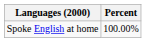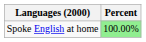 <table class="wikitable sortable collapsible" style="font-size: 90%;">
 <tr>
 <th>Languages (2000) </th>
 <th>Percent</th>
 </tr>
 <tr>
 <td>Spoke <a href='#'>English</a> at home</td>
-<td>100.00%</td>
+<td style="background: lightgreen;">100.00%</td>
 </tr>
 </table>
